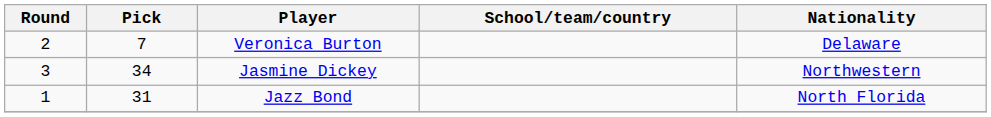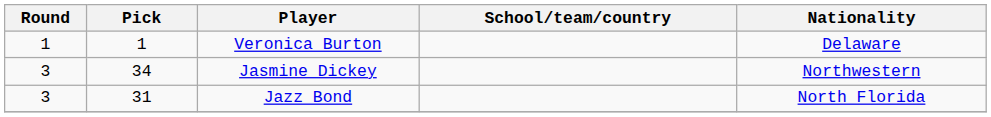 <table class="wikitable" style="text-align:center; width:60em">
 <tr>
 <th width="2%">Round</th>
 <th width="5%">Pick</th>
 <th width="10%">Player</th>
 <th width="10%">School/team/country</th>
 <th width="10%">Nationality</th>
 </tr>
 <tr>
-<td>2</td>
-<td>7</td>
+<td>1</td>
+<td>1</td>
 <td><a href='#'>Veronica Burton</a></td>
 <td></td>
 <td><a href='#'>Delaware</a></td>
 </tr>
 <tr>
 <td>3</td>
 <td>34</td>
 <td><a href='#'>Jasmine Dickey</a></td>
 <td></td>
 <td><a href='#'>Northwestern</a></td>
 </tr>
 <tr>
-<td>1</td>
+<td>3</td>
 <td>31</td>
 <td><a href='#'>Jazz Bond</a></td>
 <td></td>
 <td><a href='#'>North Florida</a></td>
 </tr>
 <tr>
 </tr>
 </table>
